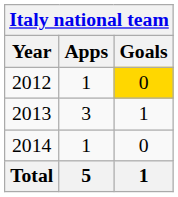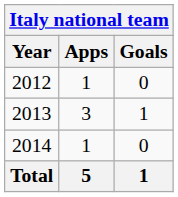 <table class="wikitable" style="text-align:center">
 <tr>
 <th colspan=3><a href='#'>Italy national team</a></th>
 </tr>
 <tr>
 <th>Year</th>
 <th>Apps</th>
 <th>Goals</th>
 </tr>
 <tr>
 <td>2012</td>
 <td>1</td>
-<td style="background: gold;">0</td>
+<td>0</td>
 </tr>
 <tr>
 <td>2013</td>
 <td>3</td>
 <td>1</td>
 </tr>
 <tr>
 <td>2014</td>
 <td>1</td>
 <td>0</td>
 </tr>
 <tr>
 <th>Total</th>
 <th>5</th>
 <th>1</th>
 </tr>
 </table>
